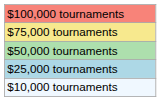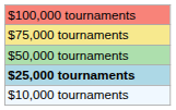 <table class="wikitable" style="font-size:85%;" width=14%>
 <tr style="background:#f88379;">
 <td>$100,000 tournaments</td>
 </tr>
 <tr style="background:#f7e98e;">
 <td>$75,000 tournaments</td>
 </tr>
 <tr style="background:#addfad;">
 <td>$50,000 tournaments</td>
 </tr>
 <tr style="background:lightblue;">
-<td>$25,000 tournaments</td>
+<td><strong>$25,000 tournaments</strong></td>
 </tr>
 <tr style="background:#f0f8ff;">
 <td>$10,000 tournaments</td>
 </tr>
 </table>
